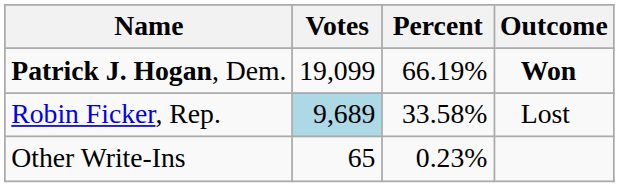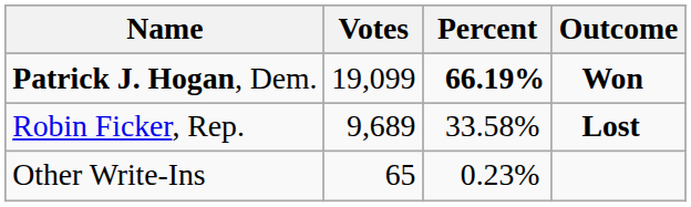 <table class="wikitable">
 <tr>
 <th>Name</th>
 <th>Votes</th>
 <th>Percent</th>
 <th>Outcome</th>
 </tr>
 <tr>
 <td><strong>Patrick J. Hogan</strong>, Dem.</td>
 <td>19,099</td>
-<td>  66.19%</td>
+<td><strong>  66.19%</strong></td>
 <td>   <strong>Won</strong></td>
 </tr>
 <tr>
 <td><a href='#'>Robin Ficker</a>, Rep.</td>
-<td style="background: lightblue;">  9,689</td>
+<td>  9,689</td>
 <td>  33.58%</td>
-<td>   Lost</td>
+<td><strong>   Lost</strong></td>
 </tr>
 <tr>
 <td>Other Write-Ins</td>
 <td>       65</td>
 <td>    0.23%</td>
 </tr>
 </table>
